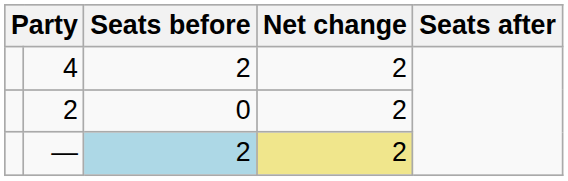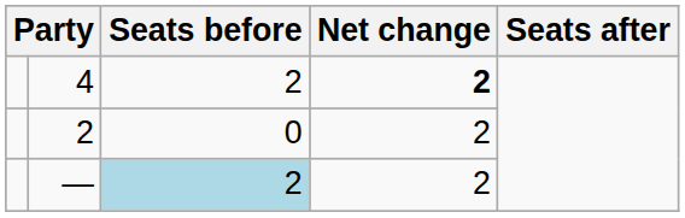 <table class=wikitable style="text-align:right">
 <tr>
 <th colspan="2">Party</th>
 <th>Seats before</th>
 <th>Net change</th>
 <th>Seats after</th>
 </tr>
 <tr>
 <td></td>
 <td>4</td>
 <td> 2</td>
-<td>2</td>
+<td><strong>2</strong></td>
 </tr>
 <tr>
 <td></td>
 <td>2</td>
 <td> 0</td>
 <td>2</td>
 </tr>
 <tr>
 <td></td>
 <td>—</td>
 <td style="background: lightblue;"> 2</td>
-<td style="background: khaki;">2</td>
+<td>2</td>
 </tr>
 </table>
